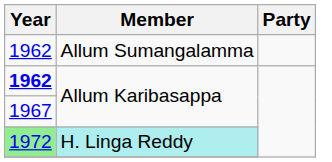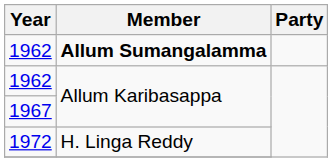 <table class="wikitable sortable">
 <tr>
 <th>Year</th>
 <th>Member</th>
 <th colspan="2">Party</th>
 </tr>
 <tr>
 <td><a href='#'>1962</a></td>
-<td>Allum Sumangalamma</td>
+<td><strong>Allum Sumangalamma</strong></td>
 <td></td>
 </tr>
 <tr>
-<td><strong><a href='#'>1962</a></strong></td>
+<td><a href='#'>1962</a></td>
 <td rowspan=2>Allum Karibasappa</td>
 </tr>
 <tr>
 <td><a href='#'>1967</a></td>
 </tr>
 <tr>
-<td style="background: lightgreen;"><a href='#'>1972</a></td>
-<td style="background: paleturquoise;">H. Linga Reddy</td>
+<td><a href='#'>1972</a></td>
+<td>H. Linga Reddy</td>
 </tr>
 <tr>
 </tr>
 </table>
